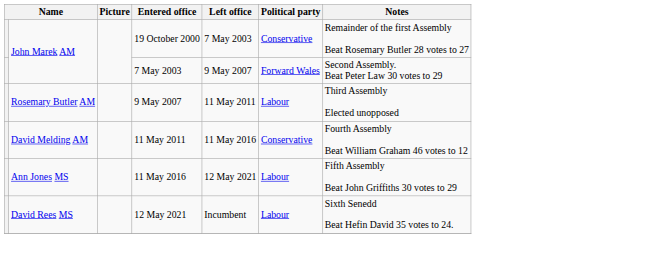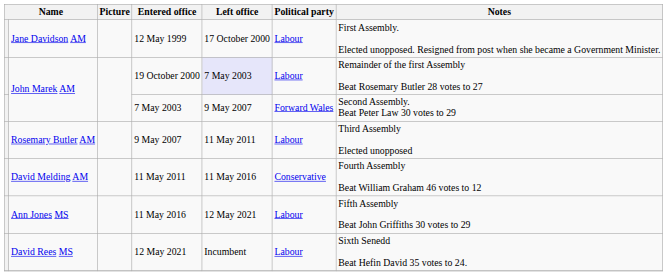 <table class="wikitable">
 <tr>
 <th colspan=2>Name</th>
 <th>Picture</th>
 <th>Entered office</th>
 <th>Left office</th>
 <th>Political party</th>
 <th>Notes</th>
 </tr>
 <tr>
 <th style="background-color:"></th>
+<td><a href='#'>Jane Davidson</a> <a href='#'>AM</a></td>
+<td></td>
+<td>12 May 1999</td>
+<td>17 October 2000</td>
+<td><a href='#'>Labour</a></td>
+<td>First Assembly. <br><br>Elected unopposed. Resigned from post when she became a Government Minister.</td>
+</tr>
+<tr>
+<th style="background-color:"></th>
 <td rowspan=2><a href='#'>John Marek</a> <a href='#'>AM</a></td>
 <td rowspan=2></td>
 <td>19 October 2000</td>
-<td>7 May 2003</td>
-<td><a href='#'>Conservative</a></td>
+<td style="background: lavender;">7 May 2003</td>
+<td><a href='#'>Labour</a></td>
 <td>Remainder of the first Assembly<br><br>Beat Rosemary Butler 28 votes to 27</td>
 </tr>
 <tr>
 <th style="background-color:"></th>
 <td>7 May 2003</td>
 <td>9 May 2007</td>
 <td><a href='#'>Forward Wales</a></td>
 <td>Second Assembly.<br>Beat Peter Law 30 votes to 29</td>
 </tr>
 <tr>
 <th style="background-color:"></th>
 <td><a href='#'>Rosemary Butler</a> <a href='#'>AM</a></td>
 <td></td>
 <td>9 May 2007</td>
 <td>11 May 2011</td>
 <td><a href='#'>Labour</a></td>
 <td>Third Assembly<br><br>Elected unopposed</td>
 </tr>
 <tr>
 <th style="background-color:"></th>
 <td><a href='#'>David Melding</a> <a href='#'>AM</a></td>
 <td></td>
 <td>11 May 2011</td>
 <td>11 May 2016</td>
 <td><a href='#'>Conservative</a></td>
 <td>Fourth Assembly<br><br>Beat William Graham 46 votes to 12</td>
 </tr>
 <tr>
 <th style="background-color:"></th>
 <td><a href='#'>Ann Jones</a> <a href='#'>MS</a></td>
 <td></td>
 <td>11 May 2016</td>
 <td>12 May 2021</td>
 <td><a href='#'>Labour</a></td>
 <td>Fifth Assembly<br><br>Beat John Griffiths 30 votes to 29</td>
 </tr>
 <tr>
 <th style="background-color:"></th>
 <td><a href='#'>David Rees</a> <a href='#'>MS</a></td>
 <td></td>
 <td>12 May 2021</td>
 <td>Incumbent</td>
 <td><a href='#'>Labour</a></td>
 <td>Sixth Senedd<br><br>Beat Hefin David 35 votes to 24.</td>
 </tr>
 <tr>
 </tr>
 </table>
